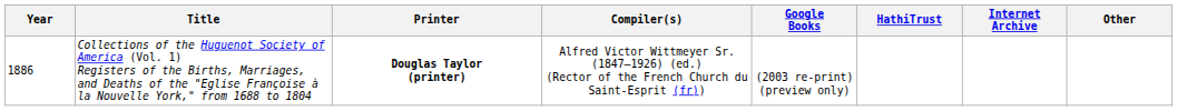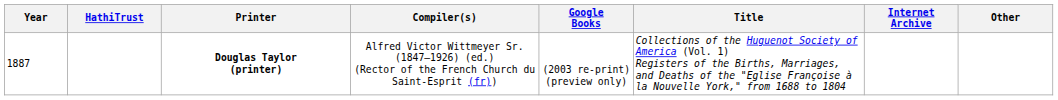 <table class="wikitable collapsible sortable" border="0" cellpadding="1" style="color:black; background-color: #FFFFFF; font-size: 90%; width:100%">
 <tr>
 <th>Year</th>
-<th>Title</th>
+<th><a href='#'>HathiTrust</a></th>
 <th>Printer</th>
 <th>Compiler(s)</th>
 <th><a href='#'>Google<br>Books</a></th>
-<th><a href='#'>HathiTrust</a></th>
+<th>Title</th>
 <th><a href='#'>Internet<br>Archive</a></th>
 <th>Other</th>
 </tr>
 <tr>
-<td width="6%">1886</td>
-<td width="22%"><em>Collections of the <a href='#'>Huguenot Society of America</a></em> (Vol. 1)<div><em>Registers of the Births, Marriages, and Deaths of the "Eglise Françoise à la Nouvelle York," from 1688 to 1804</em></div></td>
+<td width="6%">1887</td>
+<td style="text-align:center" width="9%"></td>
 <td style="text-align:center" width="18%" data-sort-value="taylor 1886"><strong>Douglas Taylor<br>(printer)</strong></td>
 <td style="text-align:center" width="18%" data-sort-value="wittmeyer 1886">Alfred Victor Wittmeyer Sr. (1847–1926) (ed.)<br>(Rector of the French Church du Saint-Esprit <a href='#'>(fr)</a>)</td>
 <td style="text-align:center" width="9%"><br><br>(2003 re-print)<br>(preview only)</td>
-<td style="text-align:center" width="9%"></td>
+<td width="22%"><em>Collections of the <a href='#'>Huguenot Society of America</a></em> (Vol. 1)<div><em>Registers of the Births, Marriages, and Deaths of the "Eglise Françoise à la Nouvelle York," from 1688 to 1804</em></div></td>
 <td style="text-align:center" width="9%"><br></td>
 <td style="text-align:center" width="9%"></td>
 </tr>
 </table>
